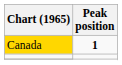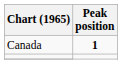 <table class="wikitable sortable">
 <tr>
 <th>Chart (1965)</th>
 <th>Peak<br>position</th>
 </tr>
 <tr>
-<td style="background: gold;">Canada</td>
+<td>Canada</td>
 <td align="center"><strong>1</strong></td>
 </tr>
 <tr>
 <td></td>
 </tr>
 <tr>
 </tr>
 </table>
